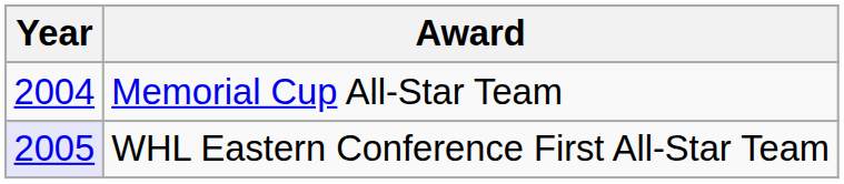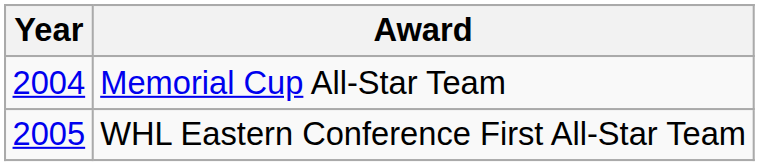 <table class="wikitable" border="1">
 <tr>
 <th>Year</th>
 <th>Award</th>
 </tr>
 <tr>
 <td><a href='#'>2004</a></td>
 <td><a href='#'>Memorial Cup</a> All-Star Team</td>
 </tr>
 <tr>
-<td style="background: lavender;"><a href='#'>2005</a></td>
+<td><a href='#'>2005</a></td>
 <td>WHL Eastern Conference First All-Star Team</td>
 </tr>
 </table>
